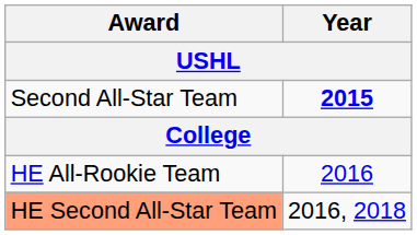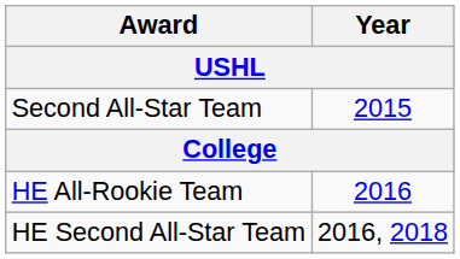 <table class="wikitable">
 <tr>
 <th>Award</th>
 <th>Year</th>
 </tr>
 <tr ALIGN="center" bgcolor="#e0e0e0">
 <th colspan="2"><a href='#'>USHL</a></th>
 </tr>
 <tr>
 <td>Second All-Star Team</td>
-<td align=center><strong><a href='#'>2015</a></strong></td>
+<td align=center><a href='#'>2015</a></td>
 </tr>
 <tr ALIGN="center" bgcolor="#e0e0e0">
 <th colspan="2"><a href='#'>College</a></th>
 </tr>
 <tr>
 <td><a href='#'>HE</a> All-Rookie Team</td>
 <td align=center><a href='#'>2016</a></td>
 </tr>
 <tr>
-<td style="background: lightsalmon;">HE Second All-Star Team</td>
+<td>HE Second All-Star Team</td>
 <td align=center>2016, <a href='#'>2018</a></td>
 </tr>
 </table>
